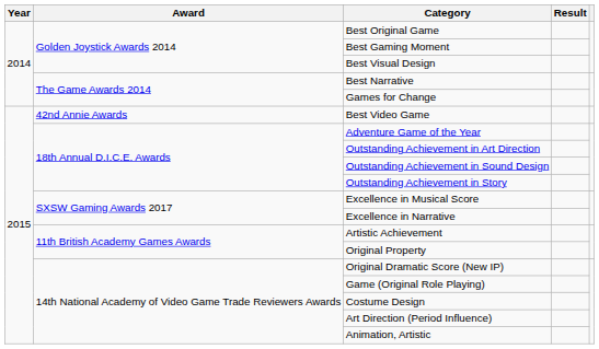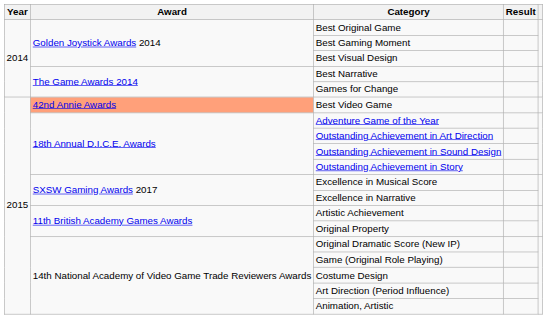 <table class="wikitable sortable">
 <tr>
 <th>Year</th>
 <th>Award</th>
 <th>Category</th>
 <th>Result</th>
 <th></th>
 </tr>
 <tr>
 <td rowspan="5" style="text-align:center;">2014</td>
 <td rowspan="3"><a href='#'>Golden Joystick Awards</a> 2014</td>
 <td>Best Original Game</td>
 <td></td>
 <td rowspan="3" style="text-align:center;"></td>
 </tr>
 <tr>
 <td>Best Gaming Moment</td>
 <td></td>
 </tr>
 <tr>
 <td>Best Visual Design</td>
 <td></td>
 </tr>
 <tr>
 <td rowspan="2"><a href='#'>The Game Awards 2014</a></td>
 <td>Best Narrative</td>
 <td></td>
 <td rowspan="2" style="text-align:center;"></td>
 </tr>
 <tr>
 <td>Games for Change</td>
 <td></td>
 </tr>
 <tr>
 <td rowspan="14" style="text-align:center;">2015</td>
-<td><a href='#'>42nd Annie Awards</a></td>
+<td style="background: lightsalmon;"><a href='#'>42nd Annie Awards</a></td>
 <td>Best Video Game</td>
 <td></td>
 <td align="center"></td>
 </tr>
 <tr>
 <td rowspan="4"><a href='#'>18th Annual D.I.C.E. Awards</a></td>
 <td><a href='#'>Adventure Game of the Year</a></td>
 <td></td>
 <td rowspan="4" align="center"></td>
 </tr>
 <tr>
 <td><a href='#'>Outstanding Achievement in Art Direction</a></td>
 <td></td>
 </tr>
 <tr>
 <td><a href='#'>Outstanding Achievement in Sound Design</a></td>
 <td></td>
 </tr>
 <tr>
 <td><a href='#'>Outstanding Achievement in Story</a></td>
 <td></td>
 </tr>
 <tr>
 <td rowspan="2"><a href='#'>SXSW Gaming Awards</a> 2017</td>
 <td>Excellence in Musical Score</td>
 <td></td>
 <td rowspan="2" style="text-align:center;"></td>
 </tr>
 <tr>
 <td>Excellence in Narrative</td>
 <td></td>
 </tr>
 <tr>
 <td rowspan="2"><a href='#'>11th British Academy Games Awards</a></td>
 <td>Artistic Achievement</td>
 <td></td>
 <td rowspan="2" style="text-align:center;"></td>
 </tr>
 <tr>
 <td>Original Property</td>
 <td></td>
 </tr>
 <tr>
 <td rowspan="5">14th National Academy of Video Game Trade Reviewers Awards</td>
 <td>Original Dramatic Score (New IP)</td>
 <td></td>
 <td rowspan="5" style="text-align:center;"></td>
 </tr>
 <tr>
 <td>Game (Original Role Playing)</td>
 <td></td>
 </tr>
 <tr>
 <td>Costume Design</td>
 <td></td>
 </tr>
 <tr>
 <td>Art Direction (Period Influence)</td>
 <td></td>
 </tr>
 <tr>
 <td>Animation, Artistic</td>
 <td></td>
 </tr>
 </table>
